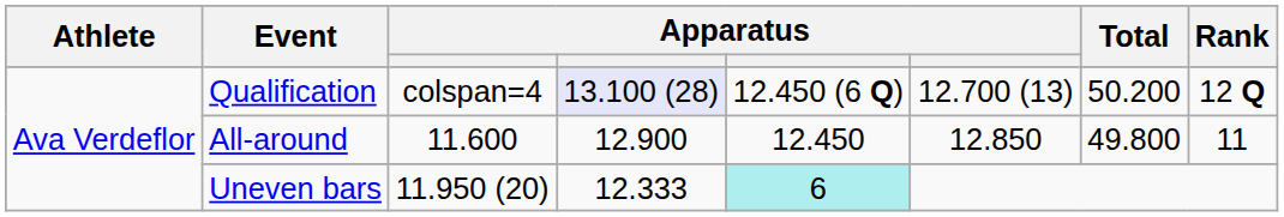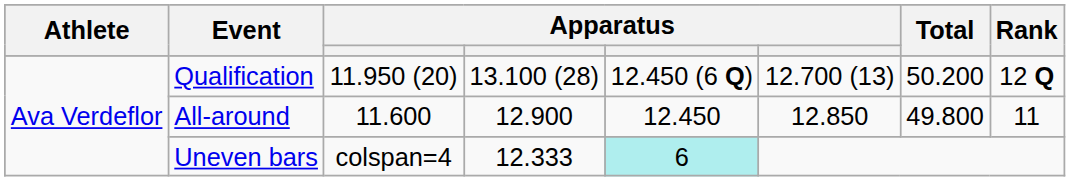 <table class="wikitable" style="font-size:90%">
 <tr>
 <th rowspan=2>Athlete</th>
 <th rowspan=2>Event</th>
 <th colspan=4>Apparatus</th>
 <th rowspan=2>Total</th>
 <th rowspan=2>Rank</th>
 </tr>
 <tr style="font-size:95%">
 <th></th>
 <th></th>
 <th></th>
 <th></th>
 </tr>
 <tr align=center>
 <td align=left rowspan=5><a href='#'>Ava Verdeflor</a></td>
 <td align=left><a href='#'>Qualification</a></td>
-<td>colspan=4 </td>
-<td style="background: lavender;">13.100 (28)</td>
+<td>11.950 (20)</td>
+<td>13.100 (28)</td>
 <td>12.450 (6 <strong>Q</strong>)</td>
 <td>12.700 (13)</td>
 <td>50.200</td>
 <td>12 <strong>Q</strong></td>
 </tr>
 <tr align=center>
 <td align=left><a href='#'>All-around</a></td>
 <td>11.600</td>
 <td>12.900</td>
 <td>12.450</td>
 <td>12.850</td>
 <td>49.800</td>
 <td>11</td>
 </tr>
 <tr align=center>
 <td align=left><a href='#'>Uneven bars</a></td>
-<td>11.950 (20)</td>
+<td>colspan=4 </td>
 <td>12.333</td>
 <td style="background: paleturquoise;">6</td>
 </tr>
 </table>
